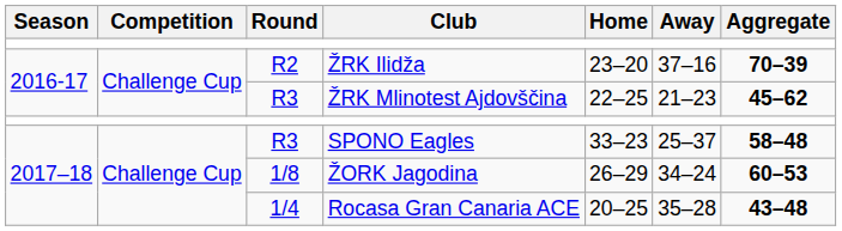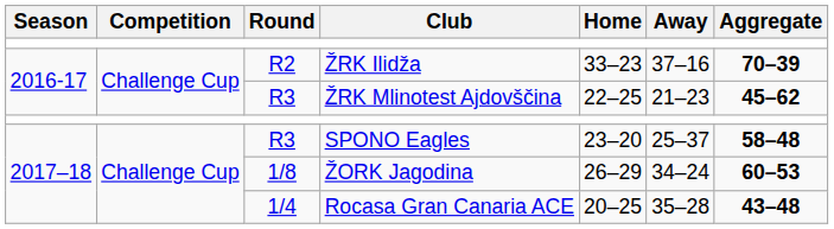 <table class="wikitable">
 <tr>
 <th>Season</th>
 <th>Competition</th>
 <th>Round</th>
 <th>Club</th>
 <th>Home</th>
 <th>Away</th>
 <th>Aggregate</th>
 </tr>
 <tr>
 <td colspan="7" bgcolor=white></td>
 </tr>
 <tr>
 <td rowspan="2"><a href='#'>2016-17</a></td>
 <td rowspan="2"><a href='#'>Challenge Cup</a></td>
 <td style="text-align:center;"><a href='#'>R2</a></td>
 <td> <a href='#'>ŽRK Ilidža</a></td>
-<td style="text-align:center;">23–20</td>
+<td style="text-align:center;">33–23</td>
 <td style="text-align:center;">37–16</td>
 <td style="text-align:center;"><strong>70–39</strong></td>
 </tr>
 <tr>
 <td style="text-align:center;"><a href='#'>R3</a></td>
 <td> <a href='#'>ŽRK Mlinotest Ajdovščina</a></td>
 <td style="text-align:center;">22–25</td>
 <td style="text-align:center;">21–23</td>
 <td style="text-align:center;"><strong>45–62</strong></td>
 </tr>
 <tr>
 <td colspan="7" bgcolor=white></td>
 </tr>
 <tr>
 <td rowspan="3"><a href='#'>2017–18</a></td>
 <td rowspan="3"><a href='#'>Challenge Cup</a></td>
 <td style="text-align:center;"><a href='#'>R3</a></td>
 <td> <a href='#'>SPONO Eagles</a></td>
-<td style="text-align:center;">33–23</td>
+<td style="text-align:center;">23–20</td>
 <td style="text-align:center;">25–37</td>
 <td style="text-align:center;"><strong>58–48</strong></td>
 </tr>
 <tr>
 <td style="text-align:center;"><a href='#'>1/8</a></td>
 <td> <a href='#'>ŽORK Jagodina</a></td>
 <td style="text-align:center;">26–29</td>
 <td style="text-align:center;">34–24</td>
 <td style="text-align:center;"><strong>60–53</strong></td>
 </tr>
 <tr>
 <td style="text-align:center;"><a href='#'>1/4</a></td>
 <td> <a href='#'>Rocasa Gran Canaria ACE</a></td>
 <td style="text-align:center;">20–25</td>
 <td style="text-align:center;">35–28</td>
 <td style="text-align:center;"><strong>43–48</strong></td>
 </tr>
 </table>
